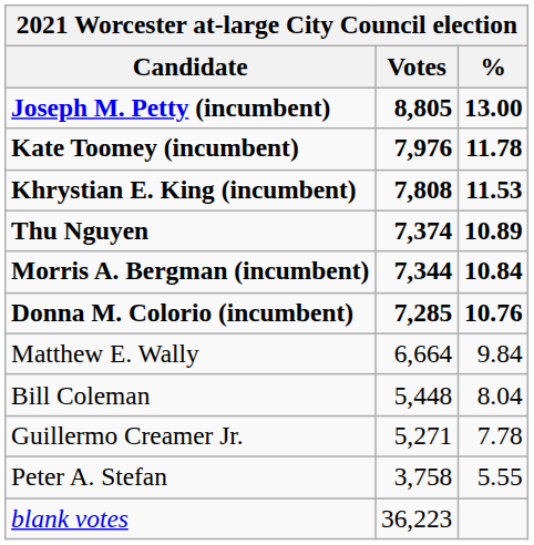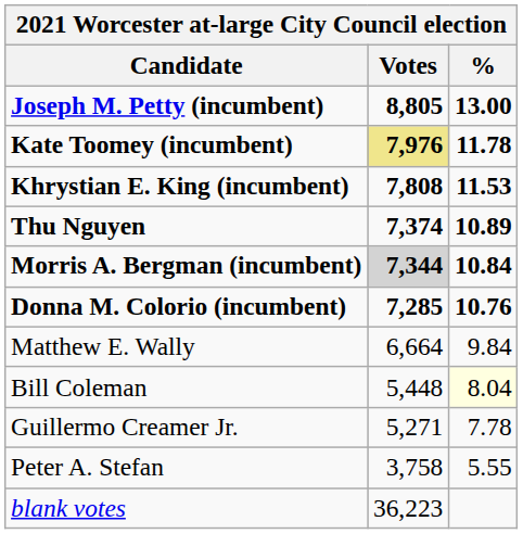 <table class=wikitable>
 <tr>
 <th colspan=3>2021 Worcester at-large City Council election</th>
 </tr>
 <tr>
 <th>Candidate</th>
 <th>Votes</th>
 <th>%</th>
 </tr>
 <tr>
 <td><strong><a href='#'>Joseph M. Petty</a> (incumbent)</strong></td>
 <td align="right"><strong>8,805</strong></td>
 <td align="right"><strong>13.00</strong></td>
 </tr>
 <tr>
 <td><strong>Kate Toomey (incumbent)</strong></td>
-<td align="right"><strong>7,976</strong></td>
+<td align="right" style="background: khaki;"><strong>7,976</strong></td>
 <td align="right"><strong>11.78</strong></td>
 </tr>
 <tr>
 <td><strong>Khrystian E. King (incumbent)</strong></td>
 <td align="right"><strong>7,808</strong></td>
 <td align="right"><strong>11.53</strong></td>
 </tr>
 <tr>
 <td><strong>Thu Nguyen</strong></td>
 <td align="right"><strong>7,374</strong></td>
 <td align="right"><strong>10.89</strong></td>
 </tr>
 <tr>
 <td><strong>Morris A. Bergman (incumbent)</strong></td>
-<td align="right"><strong>7,344</strong></td>
+<td align="right" style="background: lightgrey;"><strong>7,344</strong></td>
 <td align="right"><strong>10.84</strong></td>
 </tr>
 <tr>
 <td><strong>Donna M. Colorio (incumbent)</strong></td>
 <td align="right"><strong>7,285</strong></td>
 <td align="right"><strong>10.76</strong></td>
 </tr>
 <tr>
 <td>Matthew E. Wally</td>
 <td align="right">6,664</td>
 <td align="right">9.84</td>
 </tr>
 <tr>
 <td>Bill Coleman</td>
 <td align="right">5,448</td>
-<td align="right">8.04</td>
+<td align="right" style="background: lightyellow;">8.04</td>
 </tr>
 <tr>
 <td>Guillermo Creamer Jr.</td>
 <td align="right">5,271</td>
 <td align="right">7.78</td>
 </tr>
 <tr>
 <td>Peter A. Stefan</td>
 <td align="right">3,758</td>
 <td align="right">5.55</td>
 </tr>
 <tr>
 <td><em><a href='#'>blank votes</a></em></td>
 <td align="right">36,223</td>
 </tr>
 </table>
